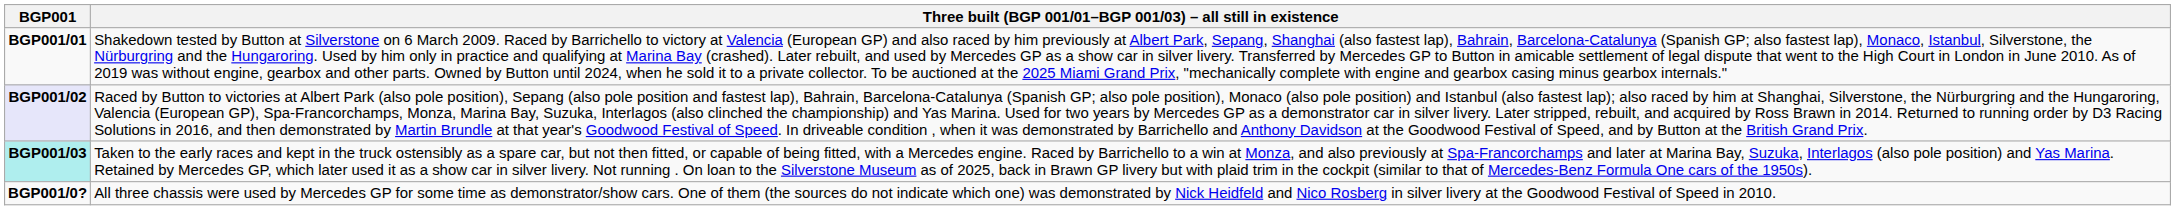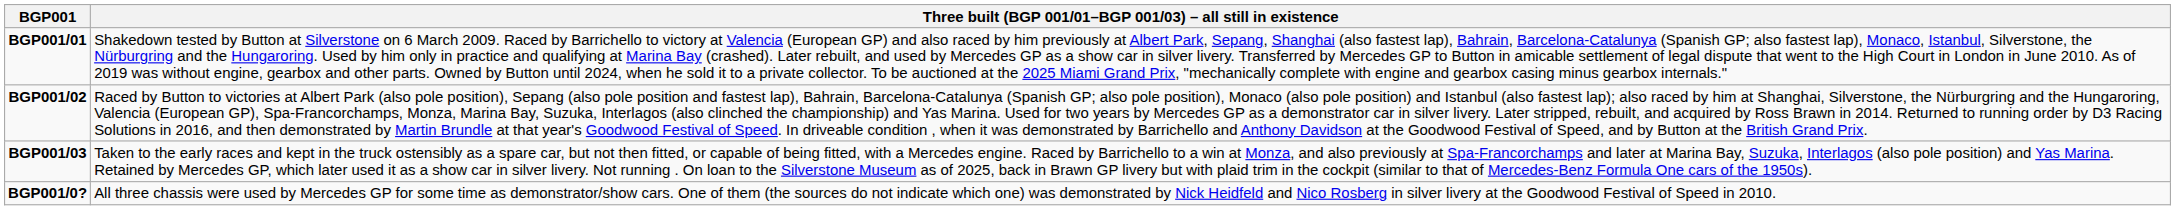 <table class="wikitable" style="font-size:85%">
 <tr style="vertical-align: top">
 <th><strong>BGP001</strong></th>
 <th>Three built (BGP 001/01–BGP 001/03) – all still in existence </th>
 </tr>
 <tr style="text-align:center; vertical-align: top;">
 <td><strong>BGP001/01</strong></td>
 <td style="text-align:left;">Shakedown tested by Button at <a href='#'>Silverstone</a> on 6 March 2009. Raced by Barrichello to victory at <a href='#'>Valencia</a> (European GP) and also raced by him previously at <a href='#'>Albert Park</a>, <a href='#'>Sepang</a>, <a href='#'>Shanghai</a> (also fastest lap), <a href='#'>Bahrain</a>, <a href='#'>Barcelona-Catalunya</a> (Spanish GP; also fastest lap), <a href='#'>Monaco</a>, <a href='#'>Istanbul</a>, Silverstone, the <a href='#'>Nürburgring</a> and the <a href='#'>Hungaroring</a>. Used by him only in practice and qualifying at <a href='#'>Marina Bay</a> (crashed). Later rebuilt, and used by Mercedes GP as a show car in silver livery. Transferred by Mercedes GP to Button in amicable settlement of legal dispute that went to the High Court in London in June 2010. As of 2019 was without engine, gearbox and other parts. Owned by Button until 2024, when he sold it to a private collector. To be auctioned at the <a href='#'>2025 Miami Grand Prix</a>, "mechanically complete with engine and gearbox casing minus gearbox internals."</td>
 </tr>
 <tr style="text-align:center; vertical-align: top;">
-<td style="background: lavender;"><strong>BGP001/02</strong></td>
+<td><strong>BGP001/02</strong></td>
 <td style="text-align:left;">Raced by Button to victories at Albert Park (also pole position), Sepang (also pole position and fastest lap), Bahrain, Barcelona-Catalunya (Spanish GP; also pole position), Monaco (also pole position) and Istanbul (also fastest lap); also raced by him at Shanghai, Silverstone, the Nürburgring and the Hungaroring, Valencia (European GP), Spa-Francorchamps, Monza, Marina Bay, Suzuka, Interlagos (also clinched the championship) and Yas Marina. Used for two years by Mercedes GP as a demonstrator car in silver livery. Later stripped, rebuilt, and acquired by Ross Brawn in 2014. Returned to running order by D3 Racing Solutions in 2016, and then demonstrated by <a href='#'>Martin Brundle</a> at that year's <a href='#'>Goodwood Festival of Speed</a>. In driveable condition , when it was demonstrated by Barrichello and <a href='#'>Anthony Davidson</a> at the Goodwood Festival of Speed, and by Button at the <a href='#'>British Grand Prix</a>.</td>
 </tr>
 <tr style="text-align:center; vertical-align: top;">
-<td style="background: paleturquoise;"><strong>BGP001/03</strong></td>
+<td><strong>BGP001/03</strong></td>
 <td style="text-align:left;">Taken to the early races and kept in the truck ostensibly as a spare car, but not then fitted, or capable of being fitted, with a Mercedes engine. Raced by Barrichello to a win at <a href='#'>Monza</a>, and also previously at <a href='#'>Spa-Francorchamps</a> and later at Marina Bay, <a href='#'>Suzuka</a>, <a href='#'>Interlagos</a> (also pole position) and <a href='#'>Yas Marina</a>. Retained by Mercedes GP, which later used it as a show car in silver livery. Not running . On loan to the <a href='#'>Silverstone Museum</a> as of 2025, back in Brawn GP livery but with plaid trim in the cockpit (similar to that of <a href='#'>Mercedes-Benz Formula One cars of the 1950s</a>).</td>
 </tr>
 <tr style="text-align:center; vertical-align: top;">
 <td><strong>BGP001/0?</strong></td>
 <td style="text-align:left;">All three chassis were used by Mercedes GP for some time as demonstrator/show cars. One of them (the sources do not indicate which one) was demonstrated by <a href='#'>Nick Heidfeld</a> and <a href='#'>Nico Rosberg</a> in silver livery at the Goodwood Festival of Speed in 2010.</td>
 </tr>
 </table>
